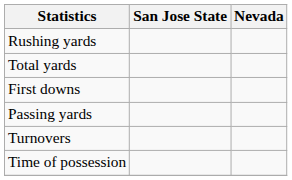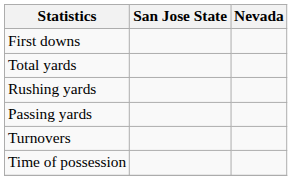 <table class="wikitable">
 <tr>
 <th>Statistics</th>
 <th>San Jose State</th>
 <th>Nevada</th>
 </tr>
 <tr>
-<td>Rushing yards</td>
+<td>First downs</td>
 <td></td>
 <td></td>
 </tr>
 <tr>
 <td>Total yards</td>
 <td></td>
 <td></td>
 </tr>
 <tr>
-<td>First downs</td>
+<td>Rushing yards</td>
 <td></td>
 <td></td>
 </tr>
 <tr>
 <td>Passing yards</td>
 <td></td>
 <td></td>
 </tr>
 <tr>
 <td>Turnovers</td>
 <td></td>
 <td></td>
 </tr>
 <tr>
 <td>Time of possession</td>
 <td></td>
 <td></td>
 </tr>
 <tr>
 </tr>
 </table>
